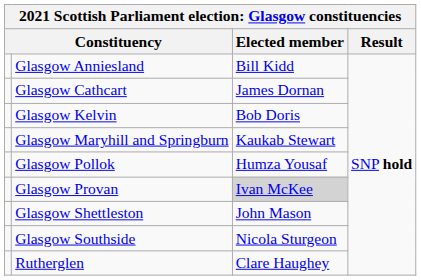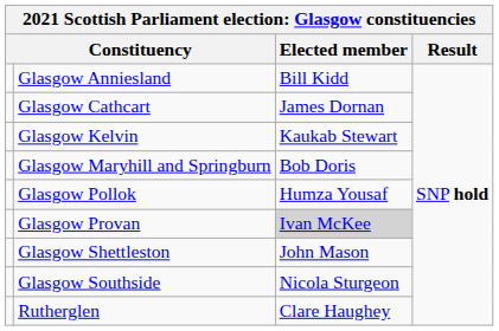 <table class="wikitable">
 <tr>
 <th colspan="4">2021 Scottish Parliament election: <a href='#'>Glasgow</a> constituencies</th>
 </tr>
 <tr>
 <th colspan="2">Constituency</th>
 <th>Elected member</th>
 <th>Result</th>
 </tr>
 <tr>
 <td style="color:inherit;background-color: "></td>
 <td><a href='#'>Glasgow Anniesland</a></td>
 <td><a href='#'>Bill Kidd</a></td>
 <td rowspan="9"><a href='#'>SNP</a> <strong>hold</strong></td>
 </tr>
 <tr>
 <td style="color:inherit;background-color: "></td>
 <td><a href='#'>Glasgow Cathcart</a></td>
 <td><a href='#'>James Dornan</a></td>
 </tr>
 <tr>
 <td style="color:inherit;background-color: "></td>
 <td><a href='#'>Glasgow Kelvin</a></td>
-<td><a href='#'>Bob Doris</a></td>
+<td><a href='#'>Kaukab Stewart</a></td>
 </tr>
 <tr>
 <td style="color:inherit;background-color: "></td>
 <td><a href='#'>Glasgow Maryhill and Springburn</a></td>
-<td><a href='#'>Kaukab Stewart</a></td>
+<td><a href='#'>Bob Doris</a></td>
 </tr>
 <tr>
 <td style="color:inherit;background-color: "></td>
 <td><a href='#'>Glasgow Pollok</a></td>
 <td><a href='#'>Humza Yousaf</a></td>
 </tr>
 <tr>
 <td style="color:inherit;background-color: "></td>
 <td><a href='#'>Glasgow Provan</a></td>
 <td style="background: lightgrey;"><a href='#'>Ivan McKee</a></td>
 </tr>
 <tr>
 <td style="color:inherit;background-color: "></td>
 <td><a href='#'>Glasgow Shettleston</a></td>
 <td><a href='#'>John Mason</a></td>
 </tr>
 <tr>
 <td style="color:inherit;background-color: "></td>
 <td><a href='#'>Glasgow Southside</a></td>
 <td><a href='#'>Nicola Sturgeon</a></td>
 </tr>
 <tr>
 <td style="color:inherit;background-color: "></td>
 <td><a href='#'>Rutherglen</a></td>
 <td><a href='#'>Clare Haughey</a></td>
 </tr>
 </table>
